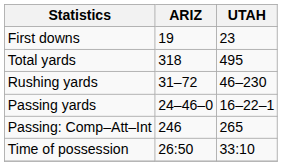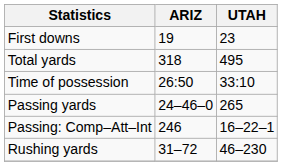 <table class="wikitable" style="float: left;">
 <tr>
 <th>Statistics</th>
 <th>ARIZ</th>
 <th>UTAH</th>
 </tr>
 <tr>
 <td>First downs</td>
 <td>19</td>
 <td>23</td>
 </tr>
 <tr>
 <td>Total yards</td>
 <td>318</td>
 <td>495</td>
 </tr>
 <tr>
+<td>Time of possession</td>
+<td>26:50</td>
+<td>33:10</td>
+</tr>
+<tr>
+<td>Passing yards</td>
+<td>24–46–0</td>
+<td>265</td>
+</tr>
+<tr>
+<td>Passing: Comp–Att–Int</td>
+<td>246</td>
+<td>16–22–1</td>
+</tr>
+<tr>
 <td>Rushing yards</td>
 <td>31–72</td>
 <td>46–230</td>
 </tr>
 <tr>
-<td>Passing yards</td>
-<td>24–46–0</td>
-<td>16–22–1</td>
-</tr>
-<tr>
-<td>Passing: Comp–Att–Int</td>
-<td>246</td>
-<td>265</td>
-</tr>
-<tr>
-<td>Time of possession</td>
-<td>26:50</td>
-<td>33:10</td>
-</tr>
-<tr>
 </tr>
 </table>
